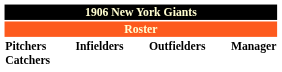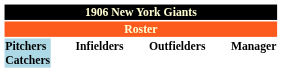 <table class="toccolours" style="font-size: 95%;">
 <tr>
 <th colspan="10" style="background-color: black; color: #FFFDD0; text-align: center;">1906 New York Giants</th>
 </tr>
 <tr>
 <td colspan="10" style="background-color: #fd5a1e; color: #FFFDD0; text-align: center;"><strong>Roster</strong></td>
 </tr>
 <tr>
-<td valign="top"><strong>Pitchers</strong><br>       <strong>Catchers</strong>    </td>
+<td valign="top" style="background: lightblue;"><strong>Pitchers</strong><br>       <strong>Catchers</strong>    </td>
 <td width="25px"></td>
 <td valign="top"><strong>Infielders</strong><br>      </td>
 <td width="25px"></td>
 <td valign="top"><strong>Outfielders</strong><br>      </td>
 <td width="25px"></td>
 <td valign="top"><strong>Manager</strong><br></td>
 </tr>
 </table>
